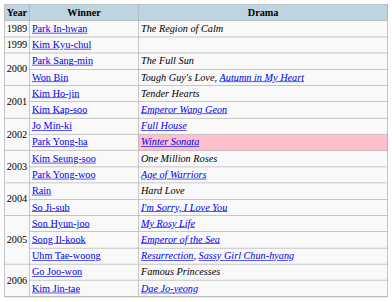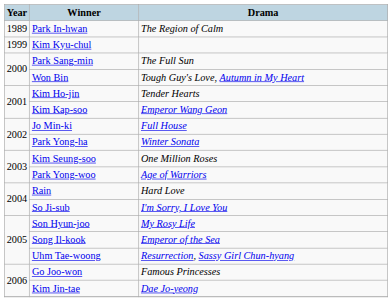 <table class="wikitable" style="width:600px">
 <tr>
 <th style="background:#BED5E1;" width=30>Year</th>
 <th style="background:#BED5E1;">Winner</th>
 <th style="background:#BED5E1;">Drama</th>
 </tr>
 <tr>
 <td>1989</td>
 <td><a href='#'>Park In-hwan</a></td>
 <td><em>The Region of Calm</em></td>
 </tr>
 <tr>
 <td>1999</td>
 <td><a href='#'>Kim Kyu-chul</a></td>
 <td></td>
 </tr>
 <tr>
 <td rowspan=2>2000</td>
 <td><a href='#'>Park Sang-min</a></td>
 <td><em>The Full Sun</em></td>
 </tr>
 <tr>
 <td><a href='#'>Won Bin</a></td>
 <td><em>Tough Guy's Love</em>, <em><a href='#'>Autumn in My Heart</a></em></td>
 </tr>
 <tr>
 <td rowspan=2>2001</td>
 <td><a href='#'>Kim Ho-jin</a></td>
 <td><em>Tender Hearts</em></td>
 </tr>
 <tr>
 <td><a href='#'>Kim Kap-soo</a></td>
 <td><em><a href='#'>Emperor Wang Geon</a></em></td>
 </tr>
 <tr>
 <td rowspan=2>2002</td>
 <td><a href='#'>Jo Min-ki</a></td>
 <td><em><a href='#'>Full House</a></em></td>
 </tr>
 <tr>
 <td><a href='#'>Park Yong-ha</a></td>
-<td style="background: pink;"><em><a href='#'>Winter Sonata</a></em></td>
+<td><em><a href='#'>Winter Sonata</a></em></td>
 </tr>
 <tr>
 <td rowspan=2>2003</td>
 <td><a href='#'>Kim Seung-soo</a></td>
 <td><em>One Million Roses</em></td>
 </tr>
 <tr>
 <td><a href='#'>Park Yong-woo</a></td>
 <td><em><a href='#'>Age of Warriors</a></em></td>
 </tr>
 <tr>
 <td rowspan=2>2004</td>
 <td><a href='#'>Rain</a></td>
 <td><em>Hard Love</em></td>
 </tr>
 <tr>
 <td><a href='#'>So Ji-sub</a></td>
 <td><em><a href='#'>I'm Sorry, I Love You</a></em></td>
 </tr>
 <tr>
 <td rowspan=3>2005</td>
 <td><a href='#'>Son Hyun-joo</a></td>
 <td><em><a href='#'>My Rosy Life</a></em></td>
 </tr>
 <tr>
 <td><a href='#'>Song Il-kook</a></td>
 <td><em><a href='#'>Emperor of the Sea</a></em></td>
 </tr>
 <tr>
 <td><a href='#'>Uhm Tae-woong</a></td>
 <td><em><a href='#'>Resurrection</a>, <a href='#'>Sassy Girl Chun-hyang</a></em></td>
 </tr>
 <tr>
 <td rowspan=2>2006</td>
 <td><a href='#'>Go Joo-won</a></td>
 <td><em>Famous Princesses</em></td>
 </tr>
 <tr>
 <td><a href='#'>Kim Jin-tae</a></td>
 <td><em><a href='#'>Dae Jo-yeong</a></em></td>
 </tr>
 <tr>
 </tr>
 </table>
